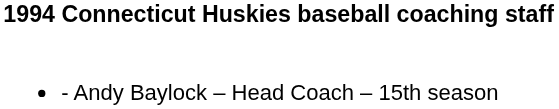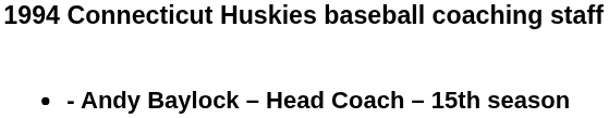 <table class="toccolours">
 <tr>
 <th colspan=9>1994 Connecticut Huskies baseball coaching staff</th>
 </tr>
 <tr>
-<td style="text-align: left; font-size: 95%;" valign="top"><br><ul><li>- Andy Baylock – Head Coach – 15th season</li></ul></td>
+<td style="text-align: left; font-size: 95%;" valign="top"><strong><br><ul><li>- Andy Baylock – Head Coach – 15th season</li></ul></strong></td>
 </tr>
 </table>
